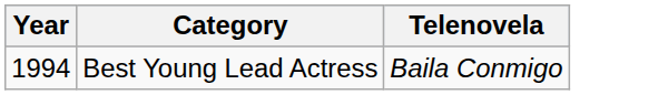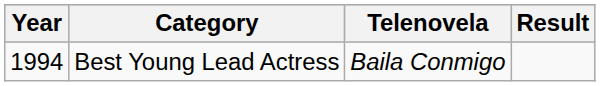 <table class="wikitable">
 <tr style="background:#b0c4de;">
 <th>Year</th>
 <th>Category</th>
 <th>Telenovela</th>
+<th>Result</th>
 </tr>
 <tr>
 <td>1994</td>
 <td>Best Young Lead Actress</td>
 <td><em>Baila Conmigo</em></td>
+<td></td>
 </tr>
 </table>
